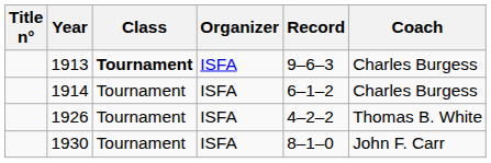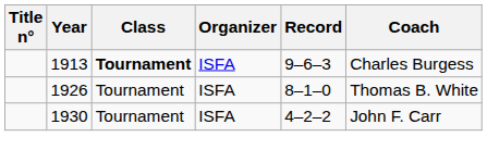 <table class="wikitable" style="width: %;">
 <tr>
 <th width=px>Title<br> n°</th>
 <th width=px>Year</th>
 <th width=px>Class</th>
 <th width=px>Organizer</th>
 <th width=px>Record</th>
 <th width=px>Coach</th>
 </tr>
 <tr>
 <td></td>
 <td>1913</td>
 <td><strong>Tournament</strong></td>
 <td><a href='#'>ISFA</a></td>
 <td>9–6–3</td>
 <td>Charles Burgess</td>
 </tr>
 <tr>
 <td></td>
-<td>1914</td>
-<td>Tournament</td>
-<td>ISFA</td>
-<td>6–1–2</td>
-<td>Charles Burgess</td>
-</tr>
-<tr>
-<td></td>
 <td>1926</td>
 <td>Tournament</td>
 <td>ISFA</td>
-<td>4–2–2</td>
+<td>8–1–0</td>
 <td>Thomas B. White</td>
 </tr>
 <tr>
 <td></td>
 <td>1930</td>
 <td>Tournament</td>
 <td>ISFA</td>
-<td>8–1–0</td>
+<td>4–2–2</td>
 <td>John F. Carr</td>
 </tr>
 </table>
